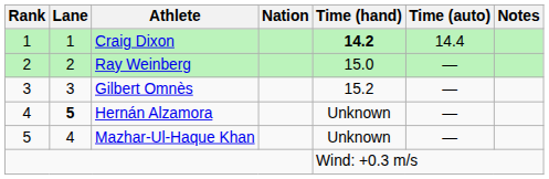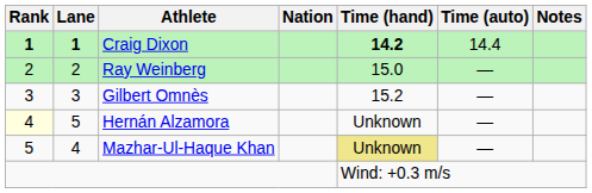 <table class="wikitable sortable" style="text-align:center">
 <tr>
 <th>Rank</th>
 <th>Lane</th>
 <th>Athlete</th>
 <th>Nation</th>
 <th>Time (hand)</th>
 <th>Time (auto)</th>
 <th>Notes</th>
 </tr>
 <tr bgcolor="bbf3bb">
-<td>1</td>
-<td>1</td>
+<td><strong>1</strong></td>
+<td><strong>1</strong></td>
 <td align=left><a href='#'>Craig Dixon</a></td>
 <td align=left></td>
 <td><strong>14.2</strong></td>
 <td>14.4</td>
 <td></td>
 </tr>
 <tr bgcolor="bbf3bb">
 <td>2</td>
 <td>2</td>
 <td align=left><a href='#'>Ray Weinberg</a></td>
 <td align=left></td>
 <td>15.0</td>
 <td>—</td>
 <td></td>
 </tr>
 <tr>
 <td>3</td>
 <td>3</td>
 <td align=left><a href='#'>Gilbert Omnès</a></td>
 <td align=left></td>
 <td>15.2</td>
 <td>—</td>
 <td></td>
 </tr>
 <tr>
-<td>4</td>
-<td><strong>5</strong></td>
+<td style="background: lightyellow;">4</td>
+<td>5</td>
 <td align=left><a href='#'>Hernán Alzamora</a></td>
 <td align=left></td>
 <td>Unknown</td>
 <td>—</td>
 <td></td>
 </tr>
 <tr>
 <td>5</td>
 <td>4</td>
 <td align=left><a href='#'>Mazhar-Ul-Haque Khan</a></td>
 <td align=left></td>
-<td>Unknown</td>
+<td style="background: khaki;">Unknown</td>
 <td>—</td>
 <td></td>
 </tr>
 <tr class="sortbottom">
 <td colspan=4></td>
 <td colspan="3" style="text-align:left;">Wind: +0.3 m/s</td>
 </tr>
 </table>
